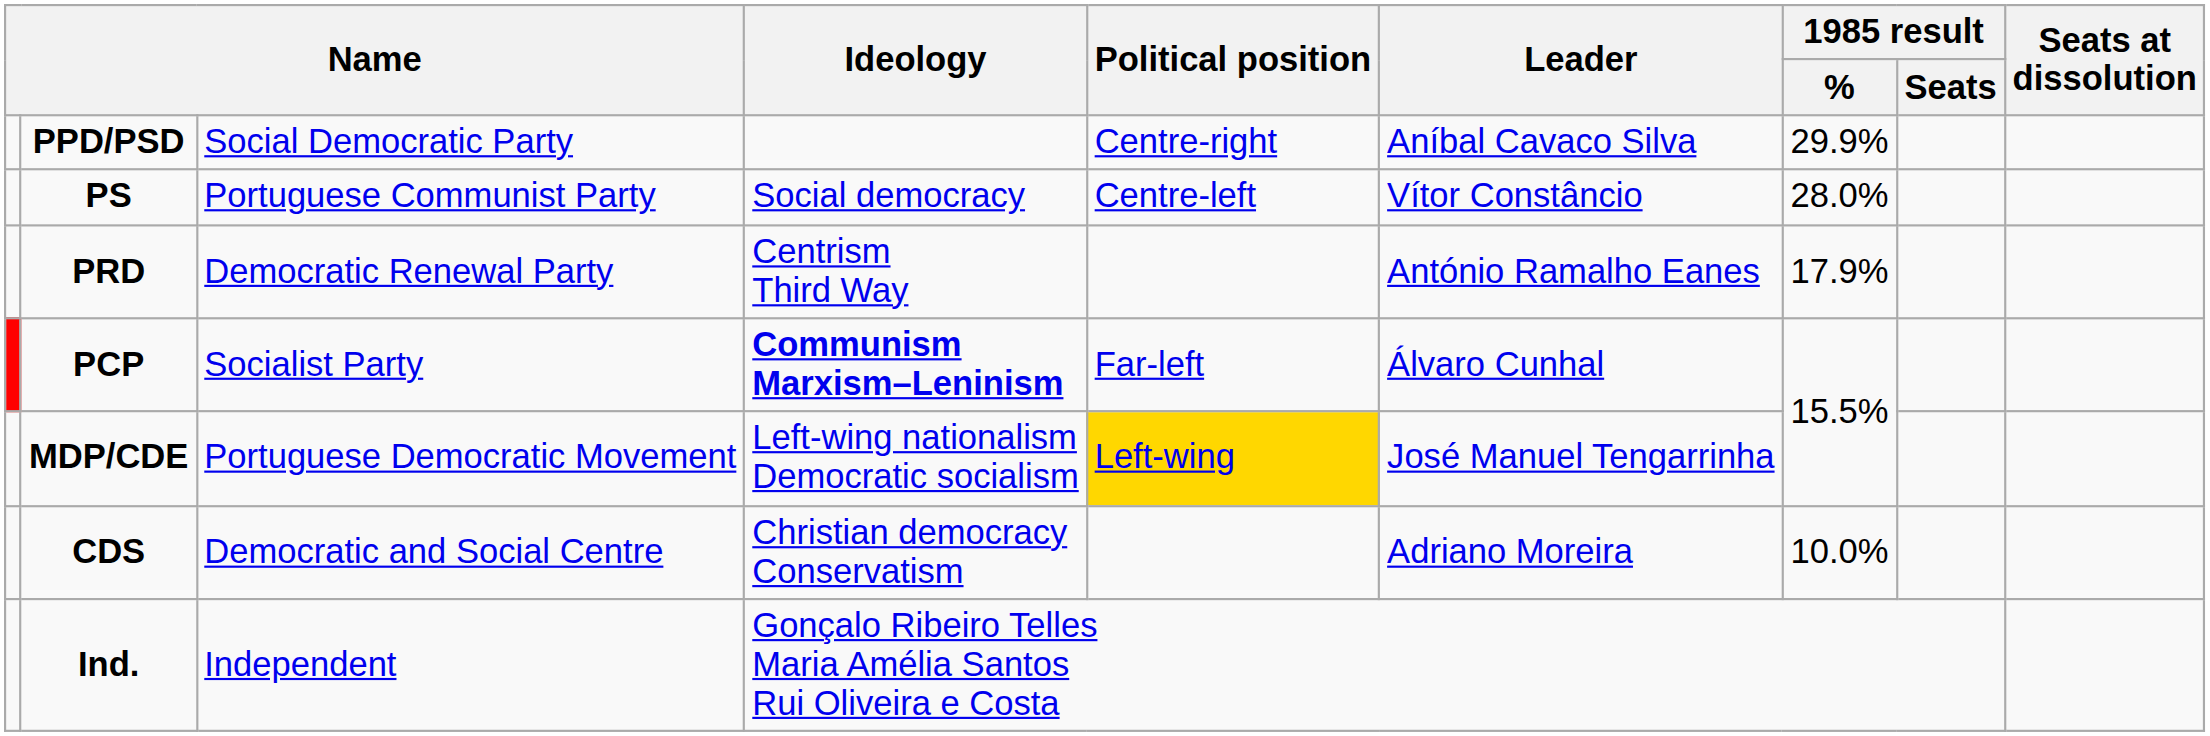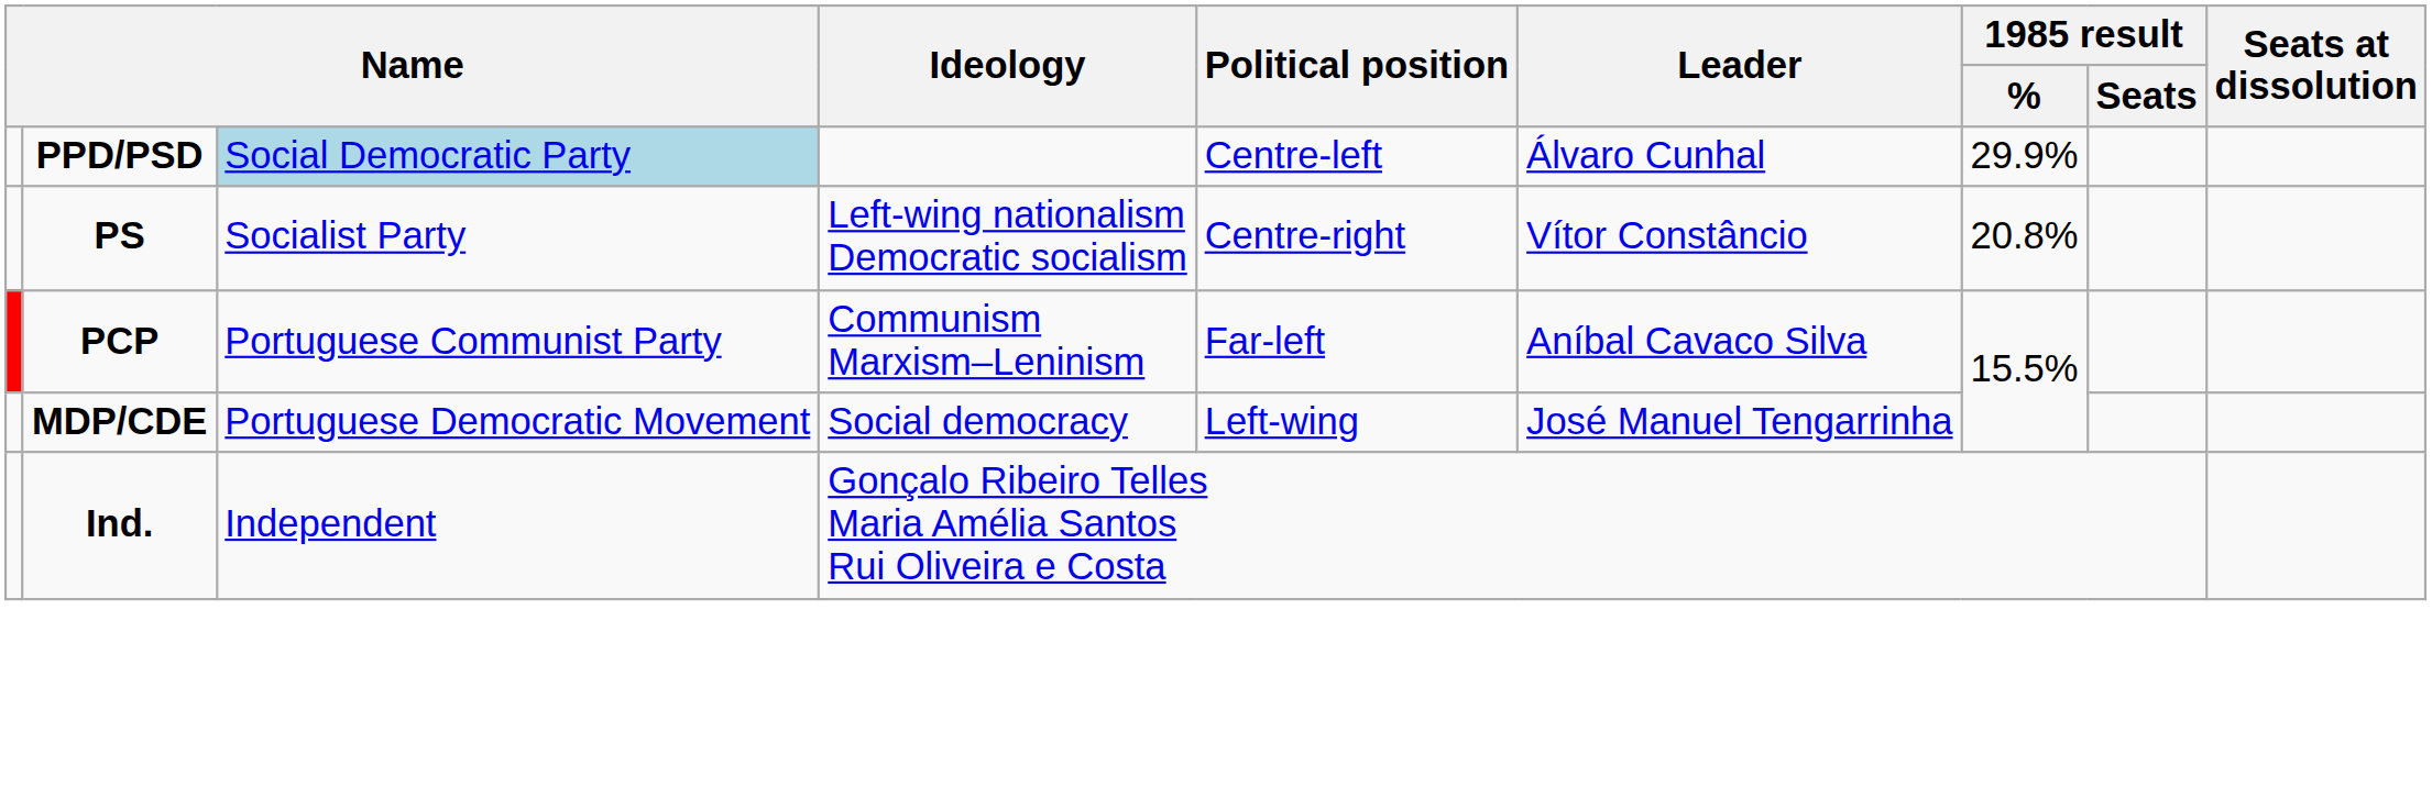 <table class="wikitable">
 <tr>
 <th rowspan="2" colspan="3">Name</th>
 <th rowspan="2">Ideology</th>
 <th rowspan="2">Political position</th>
 <th rowspan="2">Leader</th>
 <th colspan="2">1985 result</th>
 <th rowspan="2">Seats at<br>dissolution</th>
 </tr>
 <tr>
 <th>%</th>
 <th>Seats</th>
 </tr>
 <tr>
 <td style="color:inherit;background:"></td>
 <td style="text-align:center;"><strong>PPD/PSD</strong></td>
-<td><a href='#'>Social Democratic Party</a><br></td>
+<td style="background: lightblue;"><a href='#'>Social Democratic Party</a><br></td>
 <td></td>
-<td><a href='#'>Centre-right</a></td>
-<td><a href='#'>Aníbal Cavaco Silva</a></td>
+<td><a href='#'>Centre-left</a></td>
+<td><a href='#'>Álvaro Cunhal</a></td>
 <td style="text-align:center;">29.9%</td>
 <td></td>
 <td></td>
 </tr>
 <tr>
 <td style="color:inherit;background:"></td>
 <td style="text-align:center;"><strong>PS</strong></td>
-<td><a href='#'>Portuguese Communist Party</a><br></td>
-<td><a href='#'>Social democracy</a></td>
-<td><a href='#'>Centre-left</a></td>
+<td><a href='#'>Socialist Party</a><br></td>
+<td><a href='#'>Left-wing nationalism</a><br><a href='#'>Democratic socialism</a></td>
+<td><a href='#'>Centre-right</a></td>
 <td><a href='#'>Vítor Constâncio</a></td>
-<td style="text-align:center;">28.0%</td>
-<td></td>
-<td></td>
-</tr>
-<tr>
-<td style="color:inherit;background:"></td>
-<td style="text-align:center;"><strong>PRD</strong></td>
-<td><a href='#'>Democratic Renewal Party</a><br></td>
-<td><a href='#'>Centrism</a><br><a href='#'>Third Way</a></td>
-<td></td>
-<td><a href='#'>António Ramalho Eanes</a></td>
-<td style="text-align:center;">17.9%</td>
+<td style="text-align:center;">20.8%</td>
 <td></td>
 <td></td>
 </tr>
 <tr>
 <td style="background:#f00;"></td>
 <td style="text-align:center;"><strong>PCP</strong></td>
-<td><a href='#'>Socialist Party</a><br></td>
-<td><strong><a href='#'>Communism</a><br><a href='#'>Marxism–Leninism</a></strong></td>
+<td><a href='#'>Portuguese Communist Party</a><br></td>
+<td><a href='#'>Communism</a><br><a href='#'>Marxism–Leninism</a></td>
 <td><a href='#'>Far-left</a></td>
-<td><a href='#'>Álvaro Cunhal</a></td>
+<td><a href='#'>Aníbal Cavaco Silva</a></td>
 <td rowspan="2" style="text-align:center;">15.5%<br></td>
 <td></td>
 <td></td>
 </tr>
 <tr>
 <td style="color:inherit;background:"></td>
 <td style="text-align:center;"><strong>MDP/CDE</strong></td>
 <td><a href='#'>Portuguese Democratic Movement</a><br></td>
-<td><a href='#'>Left-wing nationalism</a><br><a href='#'>Democratic socialism</a></td>
-<td style="background: gold;"><a href='#'>Left-wing</a></td>
+<td><a href='#'>Social democracy</a></td>
+<td><a href='#'>Left-wing</a></td>
 <td><a href='#'>José Manuel Tengarrinha</a></td>
-<td></td>
-<td></td>
-</tr>
-<tr>
-<td style="color:inherit;background:"></td>
-<td style="text-align:center;"><strong>CDS</strong></td>
-<td><a href='#'>Democratic and Social Centre</a><br></td>
-<td><a href='#'>Christian democracy</a><br><a href='#'>Conservatism</a></td>
-<td></td>
-<td><a href='#'>Adriano Moreira</a></td>
-<td style="text-align:center;">10.0%</td>
 <td></td>
 <td></td>
 </tr>
 <tr>
 <td style="color:inherit;background:"></td>
 <td style="text-align:center;"><strong>Ind.</strong></td>
 <td><a href='#'>Independent</a><br></td>
 <td colspan="5"><a href='#'>Gonçalo Ribeiro Telles</a> <br><a href='#'>Maria Amélia Santos</a> <br><a href='#'>Rui Oliveira e Costa</a> </td>
 <td></td>
 </tr>
 </table>
